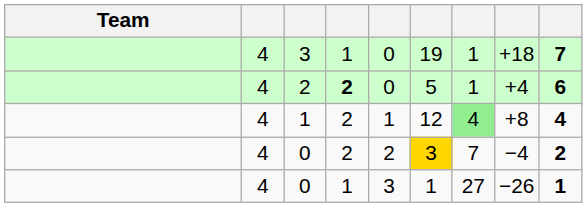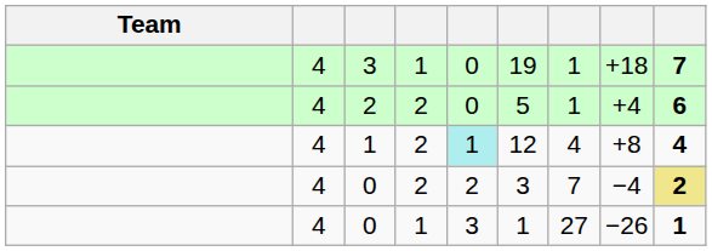 <table class="wikitable" style="text-align: center;">
 <tr>
 <th width=175>Team</th>
 <th width=25></th>
 <th width=25></th>
 <th width=25></th>
 <th width=25></th>
 <th width=25></th>
 <th width=25></th>
 <th width=25></th>
 <th width=25></th>
 </tr>
 <tr bgcolor=ccffcc>
 <td style="text-align:left;"></td>
 <td>4</td>
 <td>3</td>
 <td>1</td>
 <td>0</td>
 <td>19</td>
 <td>1</td>
 <td>+18</td>
 <td><strong>7</strong></td>
 </tr>
 <tr bgcolor=ccffcc>
 <td style="text-align:left;"></td>
 <td>4</td>
 <td>2</td>
-<td><strong>2</strong></td>
+<td>2</td>
 <td>0</td>
 <td>5</td>
 <td>1</td>
 <td>+4</td>
 <td><strong>6</strong></td>
 </tr>
 <tr>
 <td style="text-align:left;"></td>
 <td>4</td>
 <td>1</td>
 <td>2</td>
-<td>1</td>
+<td style="background: paleturquoise;">1</td>
 <td>12</td>
-<td style="background: lightgreen;">4</td>
+<td>4</td>
 <td>+8</td>
 <td><strong>4</strong></td>
 </tr>
 <tr>
 <td style="text-align:left;"></td>
 <td>4</td>
 <td>0</td>
 <td>2</td>
 <td>2</td>
-<td style="background: gold;">3</td>
+<td>3</td>
 <td>7</td>
 <td>−4</td>
-<td><strong>2</strong></td>
+<td style="background: khaki;"><strong>2</strong></td>
 </tr>
 <tr>
 <td style="text-align:left;"></td>
 <td>4</td>
 <td>0</td>
 <td>1</td>
 <td>3</td>
 <td>1</td>
 <td>27</td>
 <td>−26</td>
 <td><strong>1</strong></td>
 </tr>
 </table>
